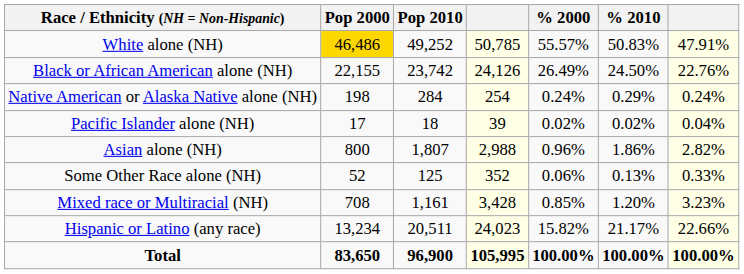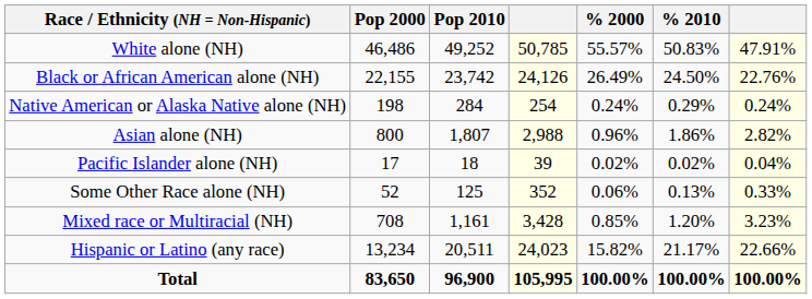 <table class="wikitable" style="text-align:center;">
 <tr>
 <th>Race / Ethnicity <small>(<em>NH = Non-Hispanic</em>)</small></th>
 <th>Pop 2000</th>
 <th>Pop 2010</th>
 <th></th>
 <th>% 2000</th>
 <th>% 2010</th>
 <th></th>
 </tr>
 <tr>
 <td><a href='#'>White</a> alone (NH)</td>
-<td style="background: gold;">46,486</td>
+<td>46,486</td>
 <td>49,252</td>
 <td style='background: #ffffe6;'>50,785</td>
 <td>55.57%</td>
 <td>50.83%</td>
 <td style='background: #ffffe6;'>47.91%</td>
 </tr>
 <tr>
 <td><a href='#'>Black or African American</a> alone (NH)</td>
 <td>22,155</td>
 <td>23,742</td>
 <td style='background: #ffffe6;'>24,126</td>
 <td>26.49%</td>
 <td>24.50%</td>
 <td style='background: #ffffe6;'>22.76%</td>
 </tr>
 <tr>
 <td><a href='#'>Native American</a> or <a href='#'>Alaska Native</a> alone (NH)</td>
 <td>198</td>
 <td>284</td>
 <td style='background: #ffffe6;'>254</td>
 <td>0.24%</td>
 <td>0.29%</td>
 <td style='background: #ffffe6;'>0.24%</td>
 </tr>
 <tr>
+<td><a href='#'>Asian</a> alone (NH)</td>
+<td>800</td>
+<td>1,807</td>
+<td style='background: #ffffe6;'>2,988</td>
+<td>0.96%</td>
+<td>1.86%</td>
+<td style='background: #ffffe6;'>2.82%</td>
+</tr>
+<tr>
 <td><a href='#'>Pacific Islander</a> alone (NH)</td>
 <td>17</td>
 <td>18</td>
 <td style='background: #ffffe6;'>39</td>
 <td>0.02%</td>
 <td>0.02%</td>
 <td style='background: #ffffe6;'>0.04%</td>
-</tr>
-<tr>
-<td><a href='#'>Asian</a> alone (NH)</td>
-<td>800</td>
-<td>1,807</td>
-<td style='background: #ffffe6;'>2,988</td>
-<td>0.96%</td>
-<td>1.86%</td>
-<td style='background: #ffffe6;'>2.82%</td>
 </tr>
 <tr>
 <td>Some Other Race alone (NH)</td>
 <td>52</td>
 <td>125</td>
 <td style='background: #ffffe6;'>352</td>
 <td>0.06%</td>
 <td>0.13%</td>
 <td style='background: #ffffe6;'>0.33%</td>
 </tr>
 <tr>
 <td><a href='#'>Mixed race or Multiracial</a> (NH)</td>
 <td>708</td>
 <td>1,161</td>
 <td style='background: #ffffe6;'>3,428</td>
 <td>0.85%</td>
 <td>1.20%</td>
 <td style='background: #ffffe6;'>3.23%</td>
 </tr>
 <tr>
 <td><a href='#'>Hispanic or Latino</a> (any race)</td>
 <td>13,234</td>
 <td>20,511</td>
 <td style='background: #ffffe6;'>24,023</td>
 <td>15.82%</td>
 <td>21.17%</td>
 <td style='background: #ffffe6;'>22.66%</td>
 </tr>
 <tr>
 <td><strong>Total</strong></td>
 <td><strong>83,650</strong></td>
 <td><strong>96,900</strong></td>
 <td style='background: #ffffe6;'><strong>105,995</strong></td>
 <td><strong>100.00%</strong></td>
 <td><strong>100.00%</strong></td>
 <td style='background: #ffffe6;'><strong>100.00%</strong></td>
 </tr>
 </table>
